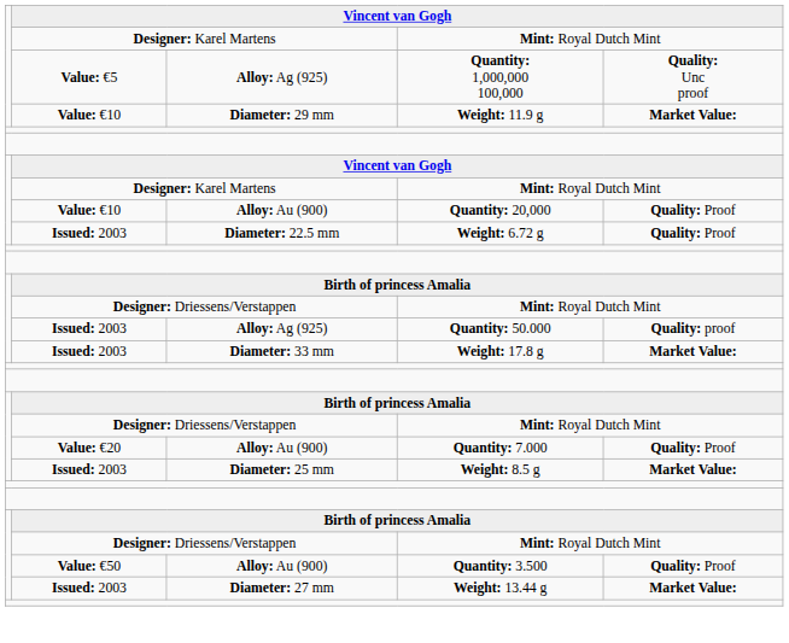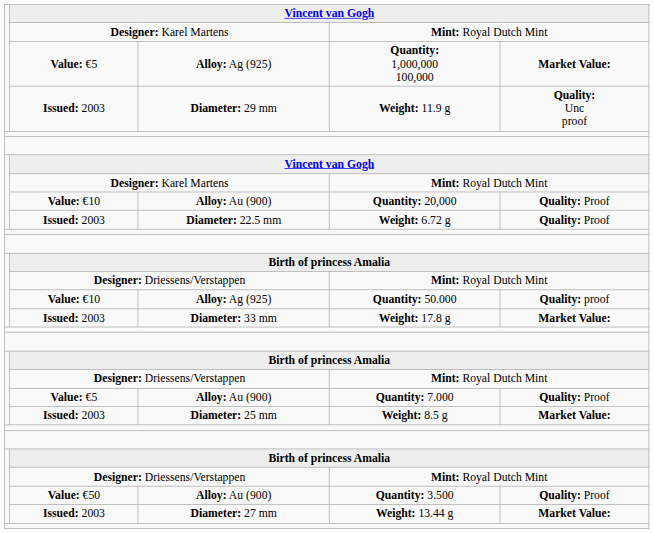 <table class="wikitable" width="100%">
 <tr>
 <td rowspan=4 width="330px" nowrap align=center></td>
 <th colspan="4" align=center style="background:#eeeeee;"><a href='#'>Vincent van Gogh</a></th>
 </tr>
 <tr>
 <td colspan="2" width="50%" align=center><strong>Designer:</strong> Karel Martens</td>
 <td colspan="2" width="50%" align=center><strong>Mint:</strong> Royal Dutch Mint</td>
 </tr>
 <tr>
 <td align=center><strong>Value:</strong>  €5</td>
 <td align=center><strong>Alloy:</strong> Ag (925)</td>
 <td align=center><strong>Quantity:</strong><br>1,000,000<br> 100,000</td>
-<td align=center><strong>Quality:</strong><br>Unc<br> proof</td>
+<td align=center><strong>Market Value:</strong></td>
 </tr>
 <tr>
-<td align=center><strong>Value:</strong>  €10</td>
+<td align=center><strong>Issued:</strong> 2003</td>
 <td align=center><strong>Diameter:</strong> 29 mm</td>
 <td align=center><strong>Weight:</strong> 11.9 g</td>
-<td align=center><strong>Market Value:</strong></td>
+<td align=center><strong>Quality:</strong><br>Unc<br> proof</td>
 </tr>
 <tr>
 <td colspan="5" align=left></td>
 </tr>
 <tr>
 <td colspan="5" align=left> </td>
 </tr>
 <tr>
 <td rowspan=4 width="330px" nowrap align=center></td>
 <th colspan="4" align=center style="background:#eeeeee;"><a href='#'>Vincent van Gogh</a></th>
 </tr>
 <tr>
 <td colspan="2" width="50%" align=center><strong>Designer:</strong> Karel Martens</td>
 <td colspan="2" width="50%" align=center><strong>Mint:</strong> Royal Dutch Mint</td>
 </tr>
 <tr>
 <td align=center><strong>Value:</strong>  €10</td>
 <td align=center><strong>Alloy:</strong> Au (900)</td>
 <td align=center><strong>Quantity:</strong> 20,000</td>
 <td align=center><strong>Quality:</strong> Proof</td>
 </tr>
 <tr>
 <td align=center><strong>Issued:</strong> 2003</td>
 <td align=center><strong>Diameter:</strong> 22.5 mm</td>
 <td align=center><strong>Weight:</strong> 6.72 g</td>
 <td align=center><strong>Quality:</strong> Proof</td>
 </tr>
 <tr>
 <td colspan="5" align=left></td>
 </tr>
 <tr>
 <td colspan="5" align=left> </td>
 </tr>
 <tr>
 <td rowspan=4 width="330px" nowrap align=center></td>
 <th colspan="4" align=center style="background:#eeeeee;">Birth of princess Amalia</th>
 </tr>
 <tr>
 <td colspan="2" width="50%" align=center><strong>Designer:</strong> Driessens/Verstappen</td>
 <td colspan="2" width="50%" align=center><strong>Mint:</strong> Royal Dutch Mint</td>
 </tr>
 <tr>
-<td align=center><strong>Issued:</strong> 2003</td>
+<td align=center><strong>Value:</strong>  €10</td>
 <td align=center><strong>Alloy:</strong> Ag (925)</td>
 <td align=center><strong>Quantity:</strong> 50.000</td>
 <td align=center><strong>Quality:</strong> proof</td>
 </tr>
 <tr>
 <td align=center><strong>Issued:</strong> 2003</td>
 <td align=center><strong>Diameter:</strong> 33 mm</td>
 <td align=center><strong>Weight:</strong> 17.8 g</td>
 <td align=center><strong>Market Value:</strong></td>
 </tr>
 <tr>
 <td colspan="5" align=left></td>
 </tr>
 <tr>
 <td colspan="5" align=left> </td>
 </tr>
 <tr>
 <td rowspan=4 width="330px" nowrap align=center></td>
 <th colspan="4" align=center style="background:#eeeeee;">Birth of princess Amalia</th>
 </tr>
 <tr>
 <td colspan="2" width="50%" align=center><strong>Designer:</strong> Driessens/Verstappen</td>
 <td colspan="2" width="50%" align=center><strong>Mint:</strong> Royal Dutch Mint</td>
 </tr>
 <tr>
-<td align=center><strong>Value:</strong>  €20</td>
+<td align=center><strong>Value:</strong>  €5</td>
 <td align=center><strong>Alloy:</strong> Au (900)</td>
 <td align=center><strong>Quantity:</strong> 7.000</td>
 <td align=center><strong>Quality:</strong> Proof</td>
 </tr>
 <tr>
 <td align=center><strong>Issued:</strong> 2003</td>
 <td align=center><strong>Diameter:</strong> 25 mm</td>
 <td align=center><strong>Weight:</strong> 8.5 g</td>
 <td align=center><strong>Market Value:</strong></td>
 </tr>
 <tr>
 <td colspan="5" align=left></td>
 </tr>
 <tr>
 <td colspan="5" align=left> </td>
 </tr>
 <tr>
 <td rowspan=4 width="330px" nowrap align=center></td>
 <th colspan="4" align=center style="background:#eeeeee;">Birth of princess Amalia</th>
 </tr>
 <tr>
 <td colspan="2" width="50%" align=center><strong>Designer:</strong> Driessens/Verstappen</td>
 <td colspan="2" width="50%" align=center><strong>Mint:</strong> Royal Dutch Mint</td>
 </tr>
 <tr>
 <td align=center><strong>Value:</strong>  €50</td>
 <td align=center><strong>Alloy:</strong> Au (900)</td>
 <td align=center><strong>Quantity:</strong> 3.500</td>
 <td align=center><strong>Quality:</strong> Proof</td>
 </tr>
 <tr>
 <td align=center><strong>Issued:</strong> 2003</td>
 <td align=center><strong>Diameter:</strong> 27 mm</td>
 <td align=center><strong>Weight:</strong> 13.44 g</td>
 <td align=center><strong>Market Value:</strong></td>
 </tr>
 <tr>
 <td colspan="5" align=left></td>
 </tr>
 </table>
